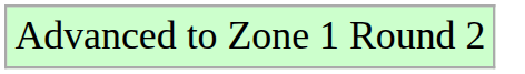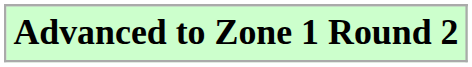 <table class="wikitable">
 <tr>
 </tr>
 <tr width=10px bgcolor="#ccffcc">
-<td>Advanced to Zone 1 Round 2</td>
+<td><strong>Advanced to Zone 1 Round 2</strong></td>
 </tr>
 </table>
